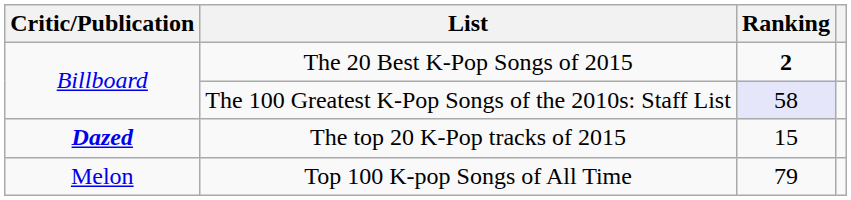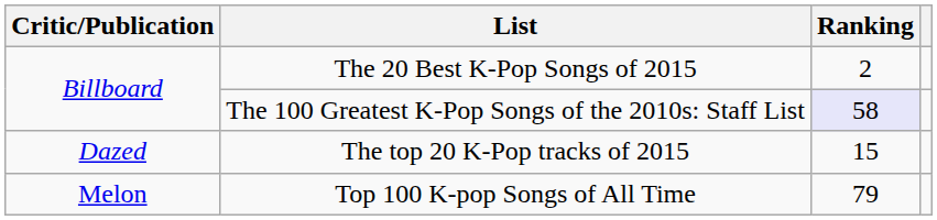 <table class="wikitable" style="text-align:center">
 <tr>
 <th>Critic/Publication</th>
 <th>List</th>
 <th>Ranking</th>
 <th></th>
 </tr>
 <tr>
 <td rowspan="2"><em><a href='#'>Billboard</a></em></td>
 <td>The 20 Best K-Pop Songs of 2015</td>
-<td><strong>2</strong></td>
+<td>2</td>
 <td></td>
 </tr>
 <tr>
 <td>The 100 Greatest K-Pop Songs of the 2010s: Staff List</td>
 <td style="background: lavender;">58</td>
 <td></td>
 </tr>
 <tr>
-<td><strong><em><a href='#'>Dazed</a></em></strong></td>
+<td><em><a href='#'>Dazed</a></em></td>
 <td>The top 20 K-Pop tracks of 2015</td>
 <td>15</td>
 <td></td>
 </tr>
 <tr>
 <td><em><a href='#'></em>Melon<em></a></em></td>
 <td>Top 100 K-pop Songs of All Time</td>
 <td>79</td>
 <td></td>
 </tr>
 </table>
